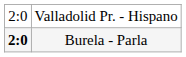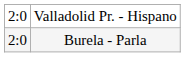 <table class="wikitable">
 <tr align=center bgcolor=white>
 <td>2:0</td>
 <td>Valladolid Pr. - Hispano</td>
 </tr>
 <tr align=center bgcolor=#F5F5F5>
-<td><strong>2:0</strong></td>
+<td>2:0</td>
 <td>Burela - Parla</td>
 </tr>
 </table>
